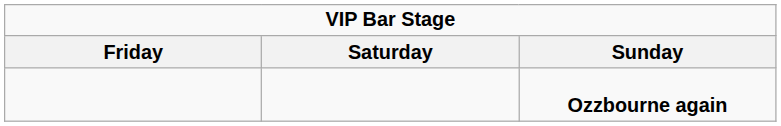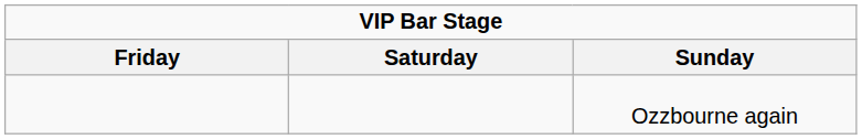 <table class="wikitable">
 <tr>
 <td colspan="4" align="center"><strong>VIP Bar Stage</strong></td>
 </tr>
 <tr>
 <th>Friday</th>
 <th>Saturday</th>
 <th>Sunday</th>
 </tr>
 <tr>
 <td align="center" valign="top" width="200"></td>
 <td align="center" valign="top" width="200"></td>
-<td align="center" valign="top" width="200"><strong><br>Ozzbourne again</strong></td>
+<td align="center" valign="top" width="200"><br>Ozzbourne again</td>
 </tr>
 </table>
